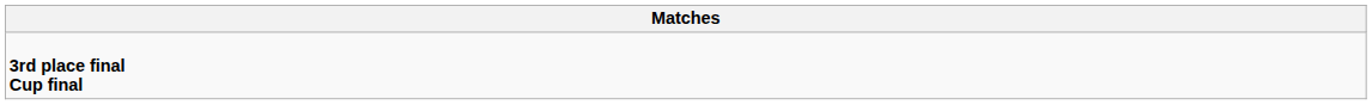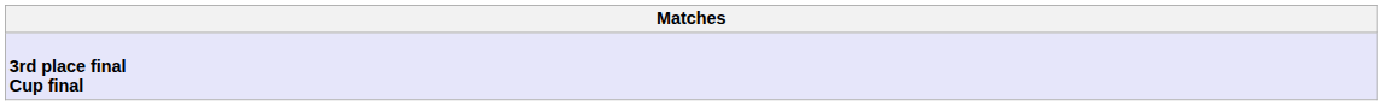 <table class="wikitable collapsible collapsed" style="width:100%;">
 <tr>
 <th>Matches</th>
 </tr>
 <tr>
-<td><br><strong>3rd place final</strong> <br><strong>Cup final</strong> </td>
+<td style="background: lavender;"><br><strong>3rd place final</strong> <br><strong>Cup final</strong> </td>
 </tr>
 </table>
